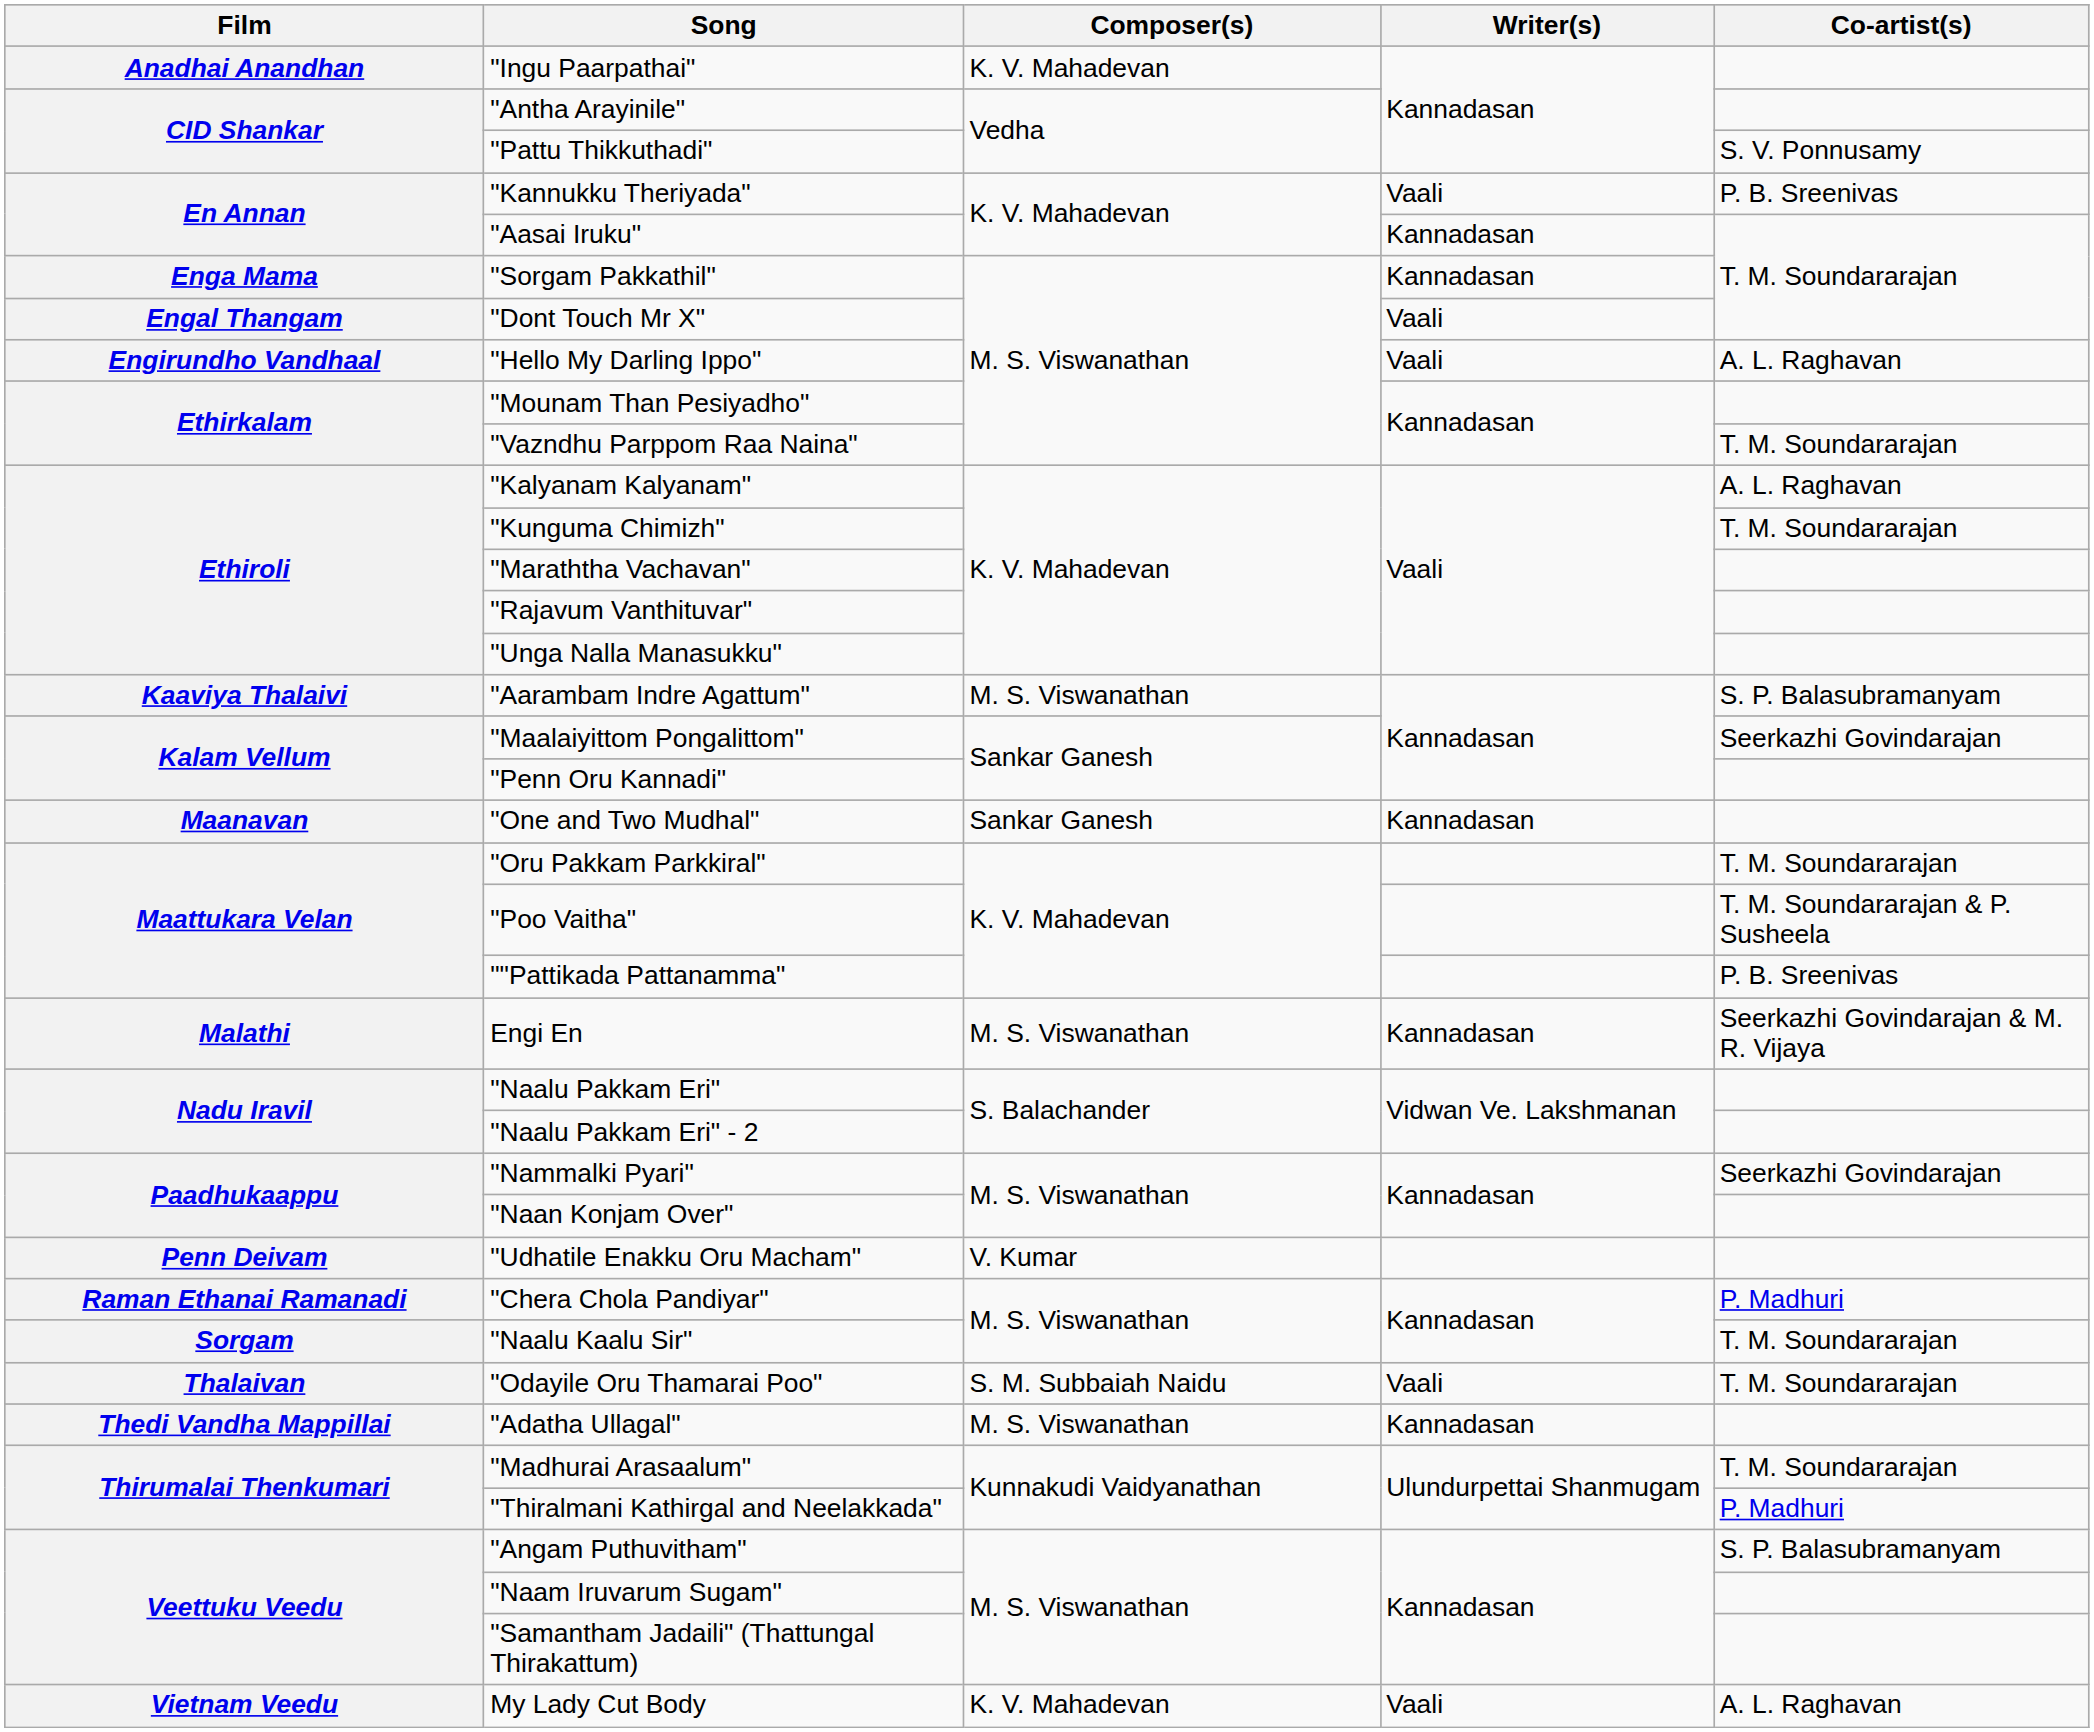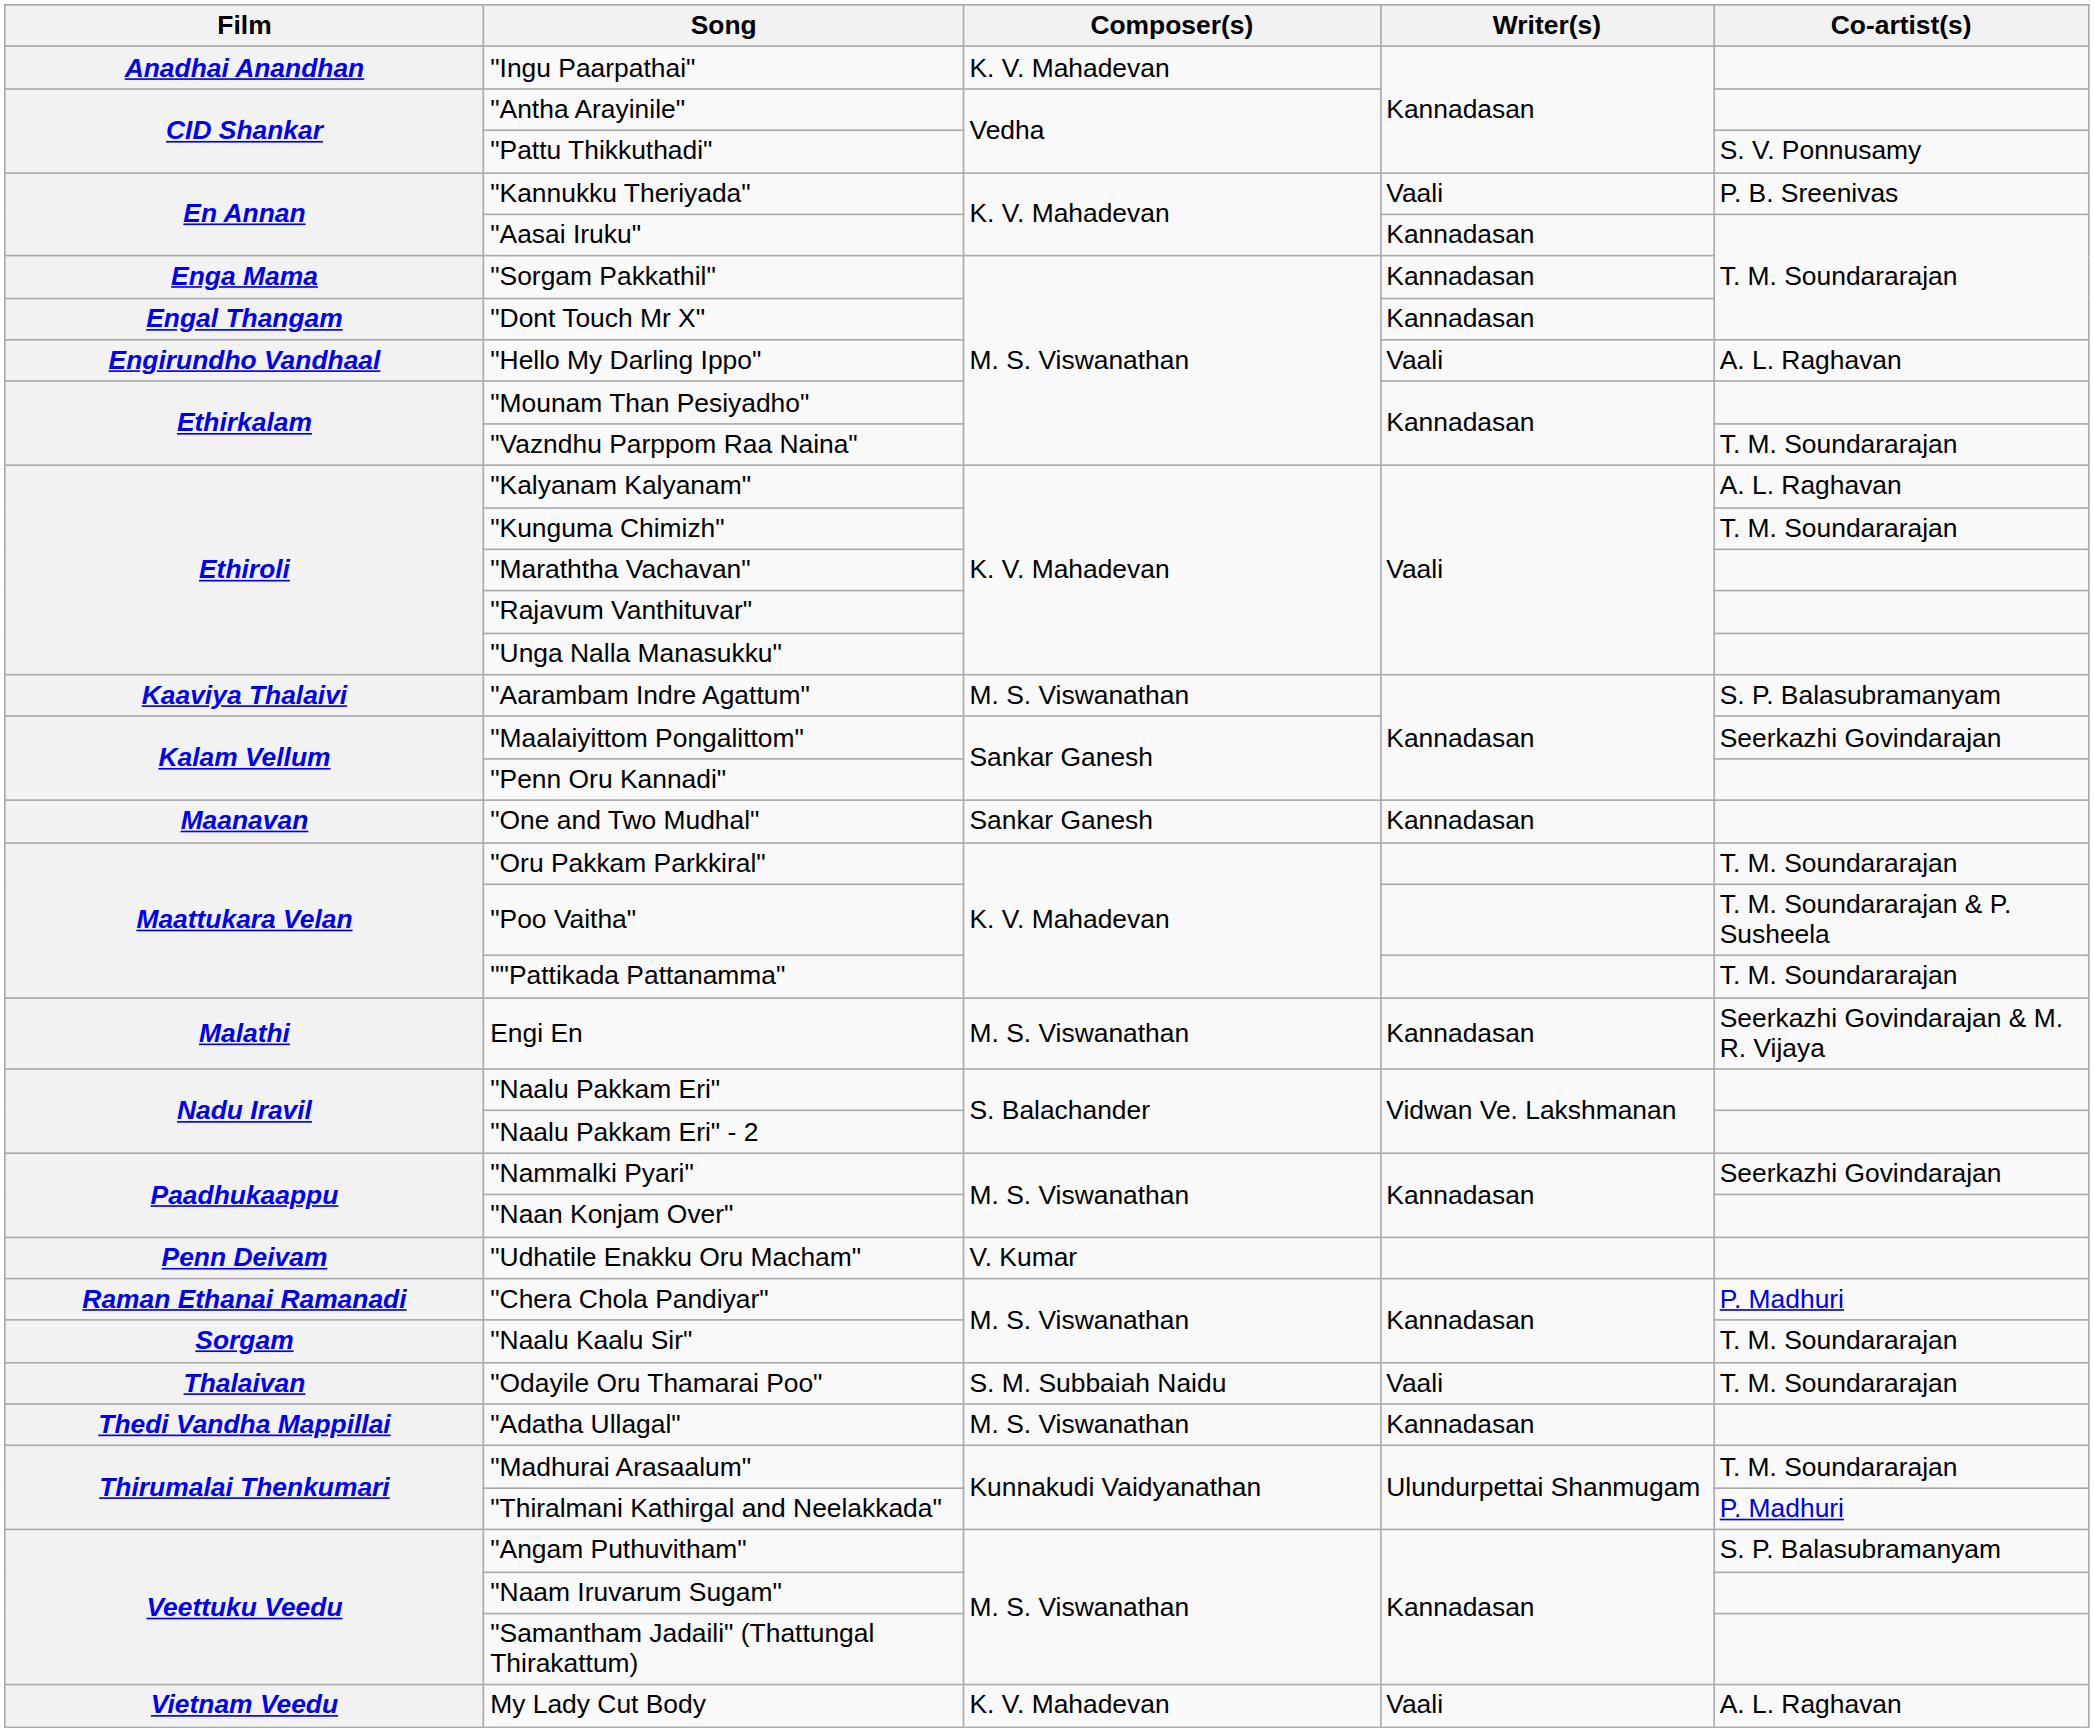 <table class="wikitable plainrowheaders" width="100%" textcolor:#000;">
 <tr style="background:#b0e0e66;">
 <th scope="col" width=23%><strong>Film</strong></th>
 <th scope="col" width=23%><strong>Song</strong></th>
 <th scope="col" width=20%><strong>Composer(s)</strong></th>
 <th scope="col" width=16%><strong>Writer(s)</strong></th>
 <th scope="col" width=18%><strong>Co-artist(s)</strong></th>
 </tr>
 <tr>
 <th><em><a href='#'>Anadhai Anandhan</a></em></th>
 <td>"Ingu Paarpathai"</td>
 <td>K. V. Mahadevan</td>
 <td rowspan=3>Kannadasan</td>
 <td></td>
 </tr>
 <tr>
 <th Rowspan="2"><em><a href='#'>CID Shankar</a></em></th>
 <td>"Antha Arayinile"</td>
 <td rowspan="2">Vedha</td>
 <td></td>
 </tr>
 <tr>
 <td>"Pattu Thikkuthadi"</td>
 <td>S. V. Ponnusamy</td>
 </tr>
 <tr>
 <th Rowspan="2"><em><a href='#'>En Annan</a></em></th>
 <td>"Kannukku Theriyada"</td>
 <td rowspan="2">K. V. Mahadevan</td>
 <td>Vaali</td>
 <td>P. B. Sreenivas</td>
 </tr>
 <tr>
 <td>"Aasai Iruku"</td>
 <td>Kannadasan</td>
 <td Rowspan=3>T. M. Soundararajan</td>
 </tr>
 <tr>
 <th><em><a href='#'>Enga Mama</a></em></th>
 <td>"Sorgam Pakkathil"</td>
 <td rowspan=5>M. S. Viswanathan</td>
 <td>Kannadasan</td>
 </tr>
 <tr>
 <th><em><a href='#'>Engal Thangam</a></em></th>
 <td>"Dont Touch Mr X"</td>
-<td>Vaali</td>
+<td>Kannadasan</td>
 </tr>
 <tr>
 <th><em><a href='#'>Engirundho Vandhaal</a></em></th>
 <td>"Hello My Darling Ippo"</td>
 <td>Vaali</td>
 <td>A. L. Raghavan</td>
 </tr>
 <tr>
 <th Rowspan="2"><em><a href='#'>Ethirkalam</a></em></th>
 <td>"Mounam Than Pesiyadho"</td>
 <td rowspan="2">Kannadasan</td>
 <td></td>
 </tr>
 <tr>
 <td>"Vazndhu Parppom Raa Naina"</td>
 <td>T. M. Soundararajan</td>
 </tr>
 <tr>
 <th Rowspan="5"><em><a href='#'>Ethiroli</a></em></th>
 <td>"Kalyanam Kalyanam"</td>
 <td rowspan="5">K. V. Mahadevan</td>
 <td rowspan="5">Vaali</td>
 <td>A. L. Raghavan</td>
 </tr>
 <tr>
 <td>"Kunguma Chimizh"</td>
 <td>T. M. Soundararajan</td>
 </tr>
 <tr>
 <td>"Maraththa Vachavan"</td>
 <td></td>
 </tr>
 <tr>
 <td>"Rajavum Vanthituvar"</td>
 <td></td>
 </tr>
 <tr>
 <td>"Unga Nalla Manasukku"</td>
 <td></td>
 </tr>
 <tr>
 <th><em><a href='#'>Kaaviya Thalaivi</a></em></th>
 <td>"Aarambam Indre Agattum"</td>
 <td>M. S. Viswanathan</td>
 <td Rowspan=3>Kannadasan</td>
 <td>S. P. Balasubramanyam</td>
 </tr>
 <tr>
 <th Rowspan="2"><em><a href='#'>Kalam Vellum</a></em></th>
 <td>"Maalaiyittom Pongalittom"</td>
 <td rowspan="2">Sankar Ganesh</td>
 <td>Seerkazhi Govindarajan</td>
 </tr>
 <tr>
 <td>"Penn Oru Kannadi"</td>
 <td></td>
 </tr>
 <tr>
 <th><em><a href='#'>Maanavan</a></em></th>
 <td>"One and Two Mudhal"</td>
 <td>Sankar Ganesh</td>
 <td>Kannadasan</td>
 <td></td>
 </tr>
 <tr>
 <th Rowspan="3"><em><a href='#'>Maattukara Velan</a></em></th>
 <td>"Oru Pakkam Parkkiral"</td>
 <td rowspan="3">K. V. Mahadevan</td>
 <td></td>
 <td>T. M. Soundararajan</td>
 </tr>
 <tr>
 <td>"Poo Vaitha"</td>
 <td></td>
 <td>T. M. Soundararajan & P. Susheela</td>
 </tr>
 <tr>
 <td>""Pattikada Pattanamma"</td>
 <td></td>
-<td>P. B. Sreenivas</td>
+<td>T. M. Soundararajan</td>
 </tr>
 <tr>
 <th><em><a href='#'>Malathi</a></em></th>
 <td>Engi En</td>
 <td>M. S. Viswanathan</td>
 <td>Kannadasan</td>
 <td>Seerkazhi Govindarajan & M. R. Vijaya</td>
 </tr>
 <tr>
 <th Rowspan="2"><em><a href='#'>Nadu Iravil</a></em></th>
 <td>"Naalu Pakkam Eri"</td>
 <td rowspan="2">S. Balachander</td>
 <td rowspan="2">Vidwan Ve. Lakshmanan</td>
 <td></td>
 </tr>
 <tr>
 <td>"Naalu Pakkam Eri" - 2</td>
 <td></td>
 </tr>
 <tr>
 <th Rowspan="2"><em><a href='#'>Paadhukaappu</a></em></th>
 <td>"Nammalki Pyari"</td>
 <td rowspan="2">M. S. Viswanathan</td>
 <td rowspan="2">Kannadasan</td>
 <td>Seerkazhi Govindarajan</td>
 </tr>
 <tr>
 <td>"Naan Konjam Over"</td>
 <td></td>
 </tr>
 <tr>
 <th><em><a href='#'>Penn Deivam</a></em></th>
 <td>"Udhatile Enakku Oru Macham"</td>
 <td>V. Kumar</td>
 <td></td>
 <td></td>
 </tr>
 <tr>
 <th><em><a href='#'>Raman Ethanai Ramanadi</a></em></th>
 <td>"Chera Chola Pandiyar"</td>
 <td rowspan=2>M. S. Viswanathan</td>
 <td rowspan=2>Kannadasan</td>
 <td><a href='#'>P. Madhuri</a></td>
 </tr>
 <tr>
 <th><em><a href='#'>Sorgam</a></em></th>
 <td>"Naalu Kaalu Sir"</td>
 <td>T. M. Soundararajan</td>
 </tr>
 <tr>
 <th><em><a href='#'>Thalaivan</a></em></th>
 <td>"Odayile Oru Thamarai Poo"</td>
 <td>S. M. Subbaiah Naidu</td>
 <td>Vaali</td>
 <td>T. M. Soundararajan</td>
 </tr>
 <tr>
 <th><em><a href='#'>Thedi Vandha Mappillai</a></em></th>
 <td>"Adatha Ullagal"</td>
 <td>M. S. Viswanathan</td>
 <td>Kannadasan</td>
 <td></td>
 </tr>
 <tr>
 <th Rowspan="2"><em><a href='#'>Thirumalai Thenkumari</a></em></th>
 <td>"Madhurai Arasaalum"</td>
 <td rowspan="2">Kunnakudi Vaidyanathan</td>
 <td rowspan="2">Ulundurpettai Shanmugam</td>
 <td>T. M. Soundararajan</td>
 </tr>
 <tr>
 <td>"Thiralmani Kathirgal and Neelakkada"</td>
 <td><a href='#'>P. Madhuri</a></td>
 </tr>
 <tr>
 <th Rowspan="3"><em><a href='#'>Veettuku Veedu</a></em></th>
 <td>"Angam Puthuvitham"</td>
 <td rowspan="3">M. S. Viswanathan</td>
 <td rowspan="3">Kannadasan</td>
 <td>S. P. Balasubramanyam</td>
 </tr>
 <tr>
 <td>"Naam Iruvarum Sugam"</td>
 <td></td>
 </tr>
 <tr>
 <td>"Samantham Jadaili" (Thattungal Thirakattum)</td>
 <td></td>
 </tr>
 <tr>
 <th><em><a href='#'>Vietnam Veedu</a></em></th>
 <td>My Lady Cut Body</td>
 <td>K. V. Mahadevan</td>
 <td>Vaali</td>
 <td>A. L. Raghavan</td>
 </tr>
 </table>
